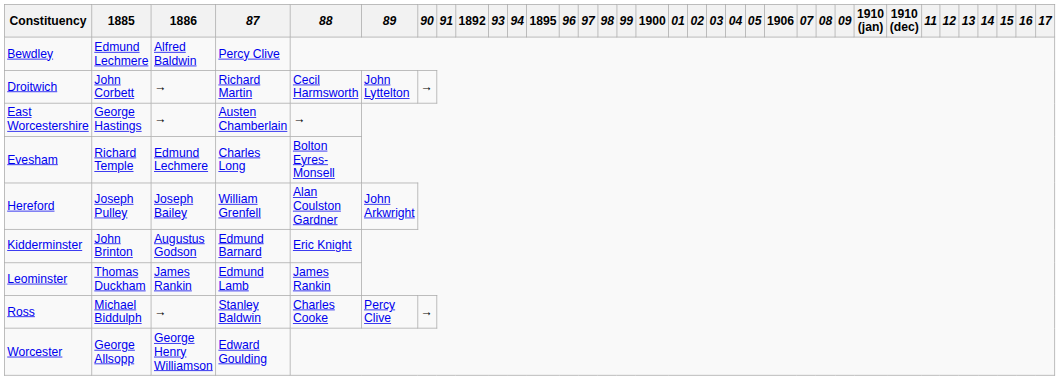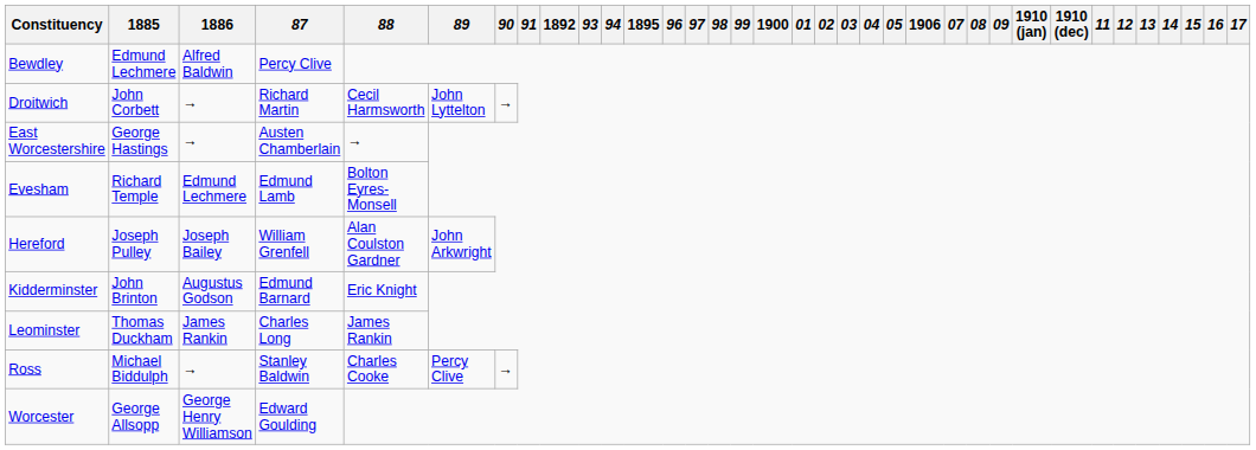 <table class="wikitable">
 <tr>
 <th>Constituency</th>
 <th>1885</th>
 <th>1886</th>
 <th><em>87</em></th>
 <th><em>88</em></th>
 <th><em>89</em></th>
 <th><em>90</em></th>
 <th><em>91</em></th>
 <th>1892</th>
 <th><em>93</em></th>
 <th><em>94</em></th>
 <th>1895</th>
 <th><em>96</em></th>
 <th><em>97</em></th>
 <th><em>98</em></th>
 <th><em>99</em></th>
 <th>1900</th>
 <th><em>01</em></th>
 <th><em>02</em></th>
 <th><em>03</em></th>
 <th><em>04</em></th>
 <th><em>05</em></th>
 <th>1906</th>
 <th><em>07</em></th>
 <th><em>08</em></th>
 <th><em>09</em></th>
 <th>1910 (jan)</th>
 <th>1910 (dec)</th>
 <th><em>11</em></th>
 <th><em>12</em></th>
 <th><em>13</em></th>
 <th><em>14</em></th>
 <th><em>15</em></th>
 <th><em>16</em></th>
 <th><em>17</em></th>
 </tr>
 <tr>
 <td><a href='#'>Bewdley</a></td>
 <td><a href='#'>Edmund Lechmere</a></td>
 <td><a href='#'>Alfred Baldwin</a></td>
 <td><a href='#'>Percy Clive</a></td>
 </tr>
 <tr>
 <td><a href='#'>Droitwich</a></td>
 <td><a href='#'>John Corbett</a></td>
 <td>→</td>
 <td><a href='#'>Richard Martin</a></td>
 <td><a href='#'>Cecil Harmsworth</a></td>
 <td><a href='#'>John Lyttelton</a></td>
 <td>→</td>
 </tr>
 <tr>
 <td><a href='#'>East Worcestershire</a></td>
 <td><a href='#'>George Hastings</a></td>
 <td>→</td>
 <td><a href='#'>Austen Chamberlain</a></td>
 <td>→</td>
 </tr>
 <tr>
 <td><a href='#'>Evesham</a></td>
 <td><a href='#'>Richard Temple</a></td>
 <td><a href='#'>Edmund Lechmere</a></td>
-<td><a href='#'>Charles Long</a></td>
+<td><a href='#'>Edmund Lamb</a></td>
 <td><a href='#'>Bolton Eyres-Monsell</a></td>
 </tr>
 <tr>
 <td><a href='#'>Hereford</a></td>
 <td><a href='#'>Joseph Pulley</a></td>
 <td><a href='#'>Joseph Bailey</a></td>
 <td><a href='#'>William Grenfell</a></td>
 <td><a href='#'>Alan Coulston Gardner</a></td>
 <td><a href='#'>John Arkwright</a></td>
 </tr>
 <tr>
 <td><a href='#'>Kidderminster</a></td>
 <td><a href='#'>John Brinton</a></td>
 <td><a href='#'>Augustus Godson</a></td>
 <td><a href='#'>Edmund Barnard</a></td>
 <td><a href='#'>Eric Knight</a></td>
 </tr>
 <tr>
 <td><a href='#'>Leominster</a></td>
 <td><a href='#'>Thomas Duckham</a></td>
 <td><a href='#'>James Rankin</a></td>
-<td><a href='#'>Edmund Lamb</a></td>
+<td><a href='#'>Charles Long</a></td>
 <td><a href='#'>James Rankin</a></td>
 </tr>
 <tr>
 <td><a href='#'>Ross</a></td>
 <td><a href='#'>Michael Biddulph</a></td>
 <td>→</td>
 <td><a href='#'>Stanley Baldwin</a></td>
 <td><a href='#'>Charles Cooke</a></td>
 <td><a href='#'>Percy Clive</a></td>
 <td>→</td>
 </tr>
 <tr>
 <td><a href='#'>Worcester</a></td>
 <td><a href='#'>George Allsopp</a></td>
 <td><a href='#'>George Henry Williamson</a></td>
 <td><a href='#'>Edward Goulding</a></td>
 </tr>
 </table>
